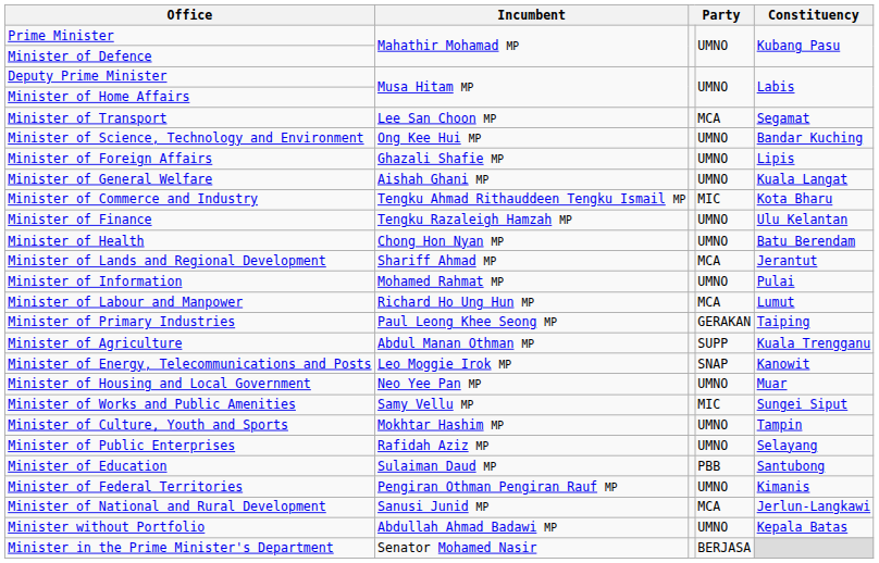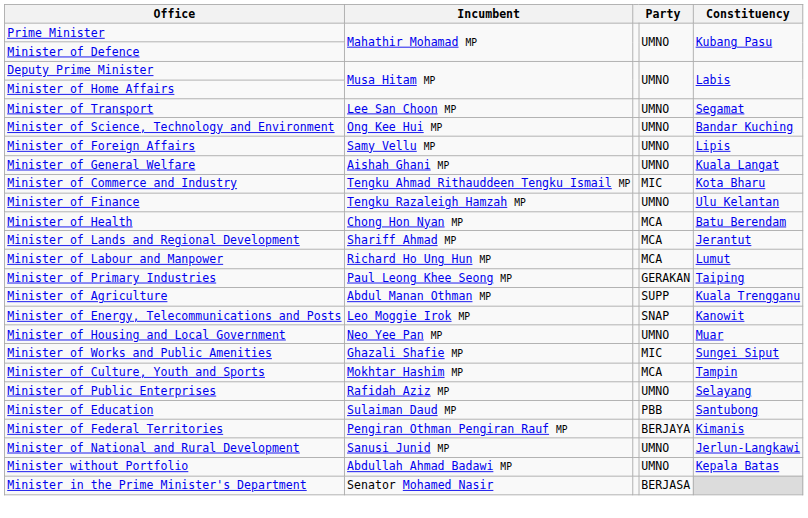 <table class="sortable wikitable">
 <tr>
 <th>Office</th>
 <th>Incumbent</th>
 <th colspan=2>Party</th>
 <th>Constituency</th>
 </tr>
 <tr>
 <td><a href='#'>Prime Minister</a></td>
 <td rowspan=2><a href='#'>Mahathir Mohamad</a> <small>MP</small></td>
 <td rowspan=2></td>
 <td rowspan=2>UMNO</td>
 <td rowspan=2><a href='#'>Kubang Pasu</a></td>
 </tr>
 <tr>
 <td><a href='#'>Minister of Defence</a></td>
 </tr>
 <tr>
 <td><a href='#'>Deputy Prime Minister</a></td>
 <td rowspan=2><a href='#'>Musa Hitam</a> <small>MP</small></td>
 <td rowspan=2></td>
 <td rowspan=2>UMNO</td>
 <td rowspan=2><a href='#'>Labis</a></td>
 </tr>
 <tr>
 <td><a href='#'>Minister of Home Affairs</a></td>
 </tr>
 <tr>
 <td><a href='#'>Minister of Transport</a></td>
 <td><a href='#'>Lee San Choon</a> <small>MP</small></td>
 <td rowspan=1></td>
-<td>MCA</td>
+<td>UMNO</td>
 <td><a href='#'>Segamat</a></td>
 </tr>
 <tr>
 <td><a href='#'>Minister of Science, Technology and Environment</a></td>
 <td><a href='#'>Ong Kee Hui</a> <small>MP</small></td>
 <td rowspan=1></td>
 <td>UMNO</td>
 <td><a href='#'>Bandar Kuching</a></td>
 </tr>
 <tr>
 <td><a href='#'>Minister of Foreign Affairs</a></td>
-<td><a href='#'>Ghazali Shafie</a> <small>MP</small></td>
+<td><a href='#'>Samy Vellu</a> <small>MP</small></td>
 <td rowspan=1></td>
 <td>UMNO</td>
 <td><a href='#'>Lipis</a></td>
 </tr>
 <tr>
 <td><a href='#'>Minister of General Welfare</a></td>
 <td><a href='#'>Aishah Ghani</a> <small>MP</small></td>
 <td rowspan=1></td>
 <td>UMNO</td>
 <td><a href='#'>Kuala Langat</a></td>
 </tr>
 <tr>
 <td><a href='#'>Minister of Commerce and Industry</a></td>
 <td><a href='#'>Tengku Ahmad Rithauddeen Tengku Ismail</a> <small>MP</small></td>
 <td rowspan=1></td>
 <td>MIC</td>
 <td><a href='#'>Kota Bharu</a></td>
 </tr>
 <tr>
 <td><a href='#'>Minister of Finance</a></td>
 <td><a href='#'>Tengku Razaleigh Hamzah</a> <small>MP</small></td>
 <td rowspan=1></td>
 <td>UMNO</td>
 <td><a href='#'>Ulu Kelantan</a></td>
 </tr>
 <tr>
 <td><a href='#'>Minister of Health</a></td>
 <td><a href='#'>Chong Hon Nyan</a> <small>MP</small></td>
 <td rowspan=1></td>
-<td>UMNO</td>
+<td>MCA</td>
 <td><a href='#'>Batu Berendam</a></td>
 </tr>
 <tr>
 <td><a href='#'>Minister of Lands and Regional Development</a></td>
 <td><a href='#'>Shariff Ahmad</a> <small>MP</small></td>
 <td rowspan=1></td>
 <td>MCA</td>
 <td><a href='#'>Jerantut</a></td>
-</tr>
-<tr>
-<td><a href='#'>Minister of Information</a></td>
-<td><a href='#'>Mohamed Rahmat</a> <small>MP</small></td>
-<td rowspan=1></td>
-<td>UMNO</td>
-<td><a href='#'>Pulai</a></td>
 </tr>
 <tr>
 <td><a href='#'>Minister of Labour and Manpower</a></td>
 <td><a href='#'>Richard Ho Ung Hun</a> <small>MP</small></td>
 <td rowspan=1></td>
 <td>MCA</td>
 <td><a href='#'>Lumut</a></td>
 </tr>
 <tr>
 <td><a href='#'>Minister of Primary Industries</a></td>
 <td><a href='#'>Paul Leong Khee Seong</a> <small>MP</small></td>
 <td rowspan=1></td>
 <td>GERAKAN</td>
 <td><a href='#'>Taiping</a></td>
 </tr>
 <tr>
 <td><a href='#'>Minister of Agriculture</a></td>
 <td><a href='#'>Abdul Manan Othman</a> <small>MP</small></td>
 <td rowspan=1></td>
 <td>SUPP</td>
 <td><a href='#'>Kuala Trengganu</a></td>
 </tr>
 <tr>
 <td><a href='#'>Minister of Energy, Telecommunications and Posts</a></td>
 <td><a href='#'>Leo Moggie Irok</a> <small>MP</small></td>
 <td rowspan=1></td>
 <td>SNAP</td>
 <td><a href='#'>Kanowit</a></td>
 </tr>
 <tr>
 <td><a href='#'>Minister of Housing and Local Government</a></td>
 <td><a href='#'>Neo Yee Pan</a> <small>MP</small></td>
 <td rowspan=1></td>
 <td>UMNO</td>
 <td><a href='#'>Muar</a></td>
 </tr>
 <tr>
 <td><a href='#'>Minister of Works and Public Amenities</a></td>
-<td><a href='#'>Samy Vellu</a> <small>MP</small></td>
+<td><a href='#'>Ghazali Shafie</a> <small>MP</small></td>
 <td rowspan=1></td>
 <td>MIC</td>
 <td><a href='#'>Sungei Siput</a></td>
 </tr>
 <tr>
 <td><a href='#'>Minister of Culture, Youth and Sports</a></td>
 <td><a href='#'>Mokhtar Hashim</a> <small>MP</small></td>
 <td rowspan=1></td>
-<td>UMNO</td>
+<td>MCA</td>
 <td><a href='#'>Tampin</a></td>
 </tr>
 <tr>
 <td><a href='#'>Minister of Public Enterprises</a></td>
 <td><a href='#'>Rafidah Aziz</a> <small>MP</small></td>
 <td rowspan=1></td>
 <td>UMNO</td>
 <td><a href='#'>Selayang</a></td>
 </tr>
 <tr>
 <td><a href='#'>Minister of Education</a></td>
 <td><a href='#'>Sulaiman Daud</a> <small>MP</small></td>
 <td rowspan=1></td>
 <td>PBB</td>
 <td><a href='#'>Santubong</a></td>
 </tr>
 <tr>
 <td><a href='#'>Minister of Federal Territories</a></td>
 <td><a href='#'>Pengiran Othman Pengiran Rauf</a> <small>MP</small></td>
 <td rowspan=1></td>
-<td>UMNO</td>
+<td>BERJAYA</td>
 <td><a href='#'>Kimanis</a></td>
 </tr>
 <tr>
 <td><a href='#'>Minister of National and Rural Development</a></td>
 <td><a href='#'>Sanusi Junid</a> <small>MP</small></td>
 <td rowspan=1></td>
-<td>MCA</td>
+<td>UMNO</td>
 <td><a href='#'>Jerlun-Langkawi</a></td>
 </tr>
 <tr>
 <td><a href='#'>Minister without Portfolio</a></td>
 <td><a href='#'>Abdullah Ahmad Badawi</a> <small>MP</small></td>
 <td rowspan=1></td>
 <td>UMNO</td>
 <td><a href='#'>Kepala Batas</a></td>
 </tr>
 <tr>
 <td><a href='#'>Minister in the Prime Minister's Department</a></td>
 <td>Senator <a href='#'>Mohamed Nasir</a></td>
 <td rowspan=1></td>
 <td>BERJASA</td>
 <td bgcolor=dcdcdc></td>
 </tr>
 </table>
